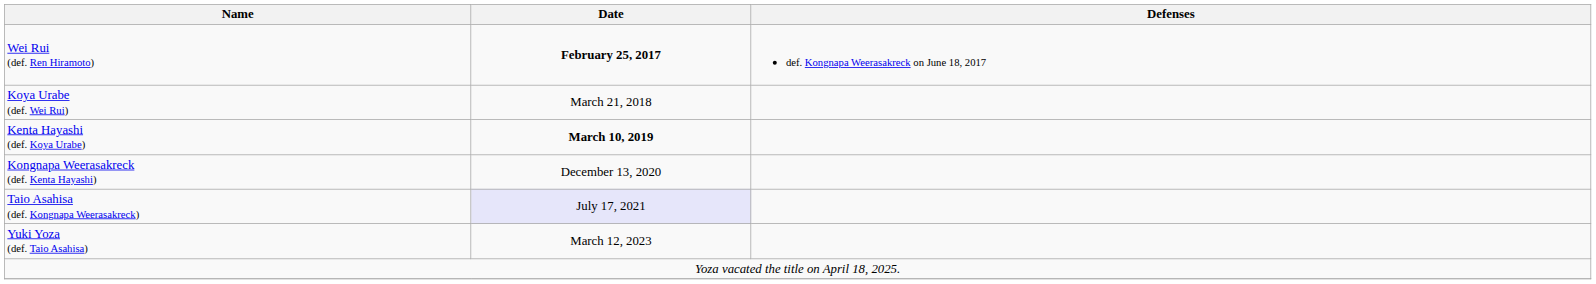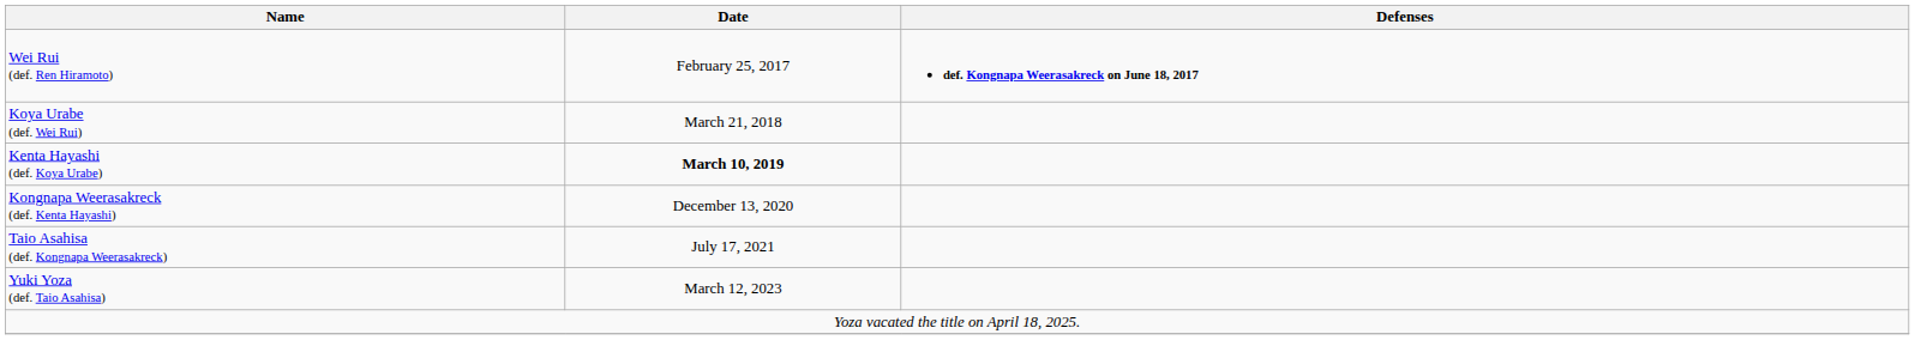 <table class="wikitable" width=100%>
 <tr>
 <th width=25%>Name</th>
 <th width=15%>Date</th>
 <th width=45%>Defenses</th>
 </tr>
 <tr>
 <td align=left> <a href='#'>Wei Rui</a> <br><small>(def. <a href='#'>Ren Hiramoto</a>)</small></td>
-<td align=center><strong>February 25, 2017</strong></td>
-<td><br><ul><li><small>def. <a href='#'>Kongnapa Weerasakreck</a> on June 18, 2017</small></li></ul></td>
+<td align=center>February 25, 2017</td>
+<td><strong><br><ul><li><small>def. <a href='#'>Kongnapa Weerasakreck</a> on June 18, 2017</small></li></ul></strong></td>
 </tr>
 <tr>
 <td align=left> <a href='#'>Koya Urabe</a> <br><small>(def. <a href='#'>Wei Rui</a>)</small></td>
 <td align=center>March 21, 2018</td>
 <td></td>
 </tr>
 <tr>
 <td align=left> <a href='#'>Kenta Hayashi</a> <br><small>(def. <a href='#'>Koya Urabe</a>)</small></td>
 <td align=center><strong>March 10, 2019</strong></td>
 <td></td>
 </tr>
 <tr>
 <td align=left> <a href='#'>Kongnapa Weerasakreck</a> <br><small>(def. <a href='#'>Kenta Hayashi</a>)</small></td>
 <td align=center>December 13, 2020</td>
 <td></td>
 </tr>
 <tr>
 <td align=left> <a href='#'>Taio Asahisa</a> <br><small>(def. <a href='#'>Kongnapa Weerasakreck</a>)</small></td>
-<td align=center style="background: lavender;">July 17, 2021</td>
+<td align=center>July 17, 2021</td>
 <td></td>
 </tr>
 <tr>
 <td align=left> <a href='#'>Yuki Yoza</a> <br><small>(def. <a href='#'>Taio Asahisa</a>)</small></td>
 <td align=center>March 12, 2023</td>
 <td></td>
 </tr>
 <tr>
 <td colspan=3 align=center><em>Yoza vacated the title on April 18, 2025.</em></td>
 </tr>
 <tr>
 </tr>
 </table>
